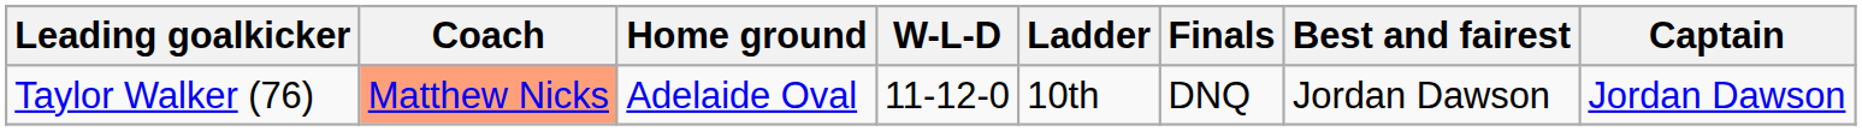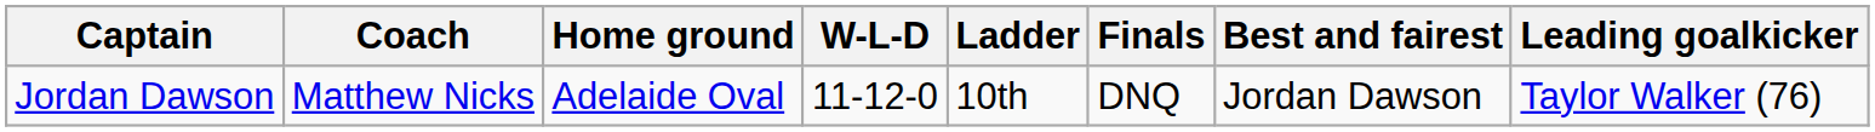 <table class="wikitable" style="font-size:90%;">
 <tr>
-<th>Leading goalkicker</th>
+<th>Captain</th>
 <th>Coach</th>
 <th>Home ground</th>
 <th>W-L-D</th>
 <th>Ladder</th>
 <th>Finals</th>
 <th>Best and fairest</th>
-<th>Captain</th>
+<th>Leading goalkicker</th>
 </tr>
 <tr>
-<td><a href='#'>Taylor Walker</a> (76)</td>
-<td style="background: lightsalmon;"><a href='#'>Matthew Nicks</a></td>
+<td><a href='#'>Jordan Dawson</a></td>
+<td><a href='#'>Matthew Nicks</a></td>
 <td><a href='#'>Adelaide Oval</a></td>
 <td>11-12-0</td>
 <td>10th</td>
 <td>DNQ</td>
 <td>Jordan Dawson</td>
-<td><a href='#'>Jordan Dawson</a></td>
+<td><a href='#'>Taylor Walker</a> (76)</td>
 </tr>
 </table>
